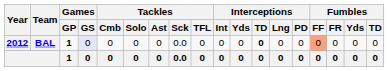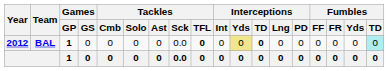 <table class="wikitable" style="text-align:center">
 <tr>
 <th rowspan="2">Year</th>
 <th rowspan="2">Team</th>
 <th colspan="2">Games</th>
 <th colspan="5">Tackles</th>
 <th colspan="5">Interceptions</th>
 <th colspan="4">Fumbles</th>
 </tr>
 <tr>
 <th>GP</th>
 <th>GS</th>
 <th>Cmb</th>
 <th>Solo</th>
 <th>Ast</th>
 <th>Sck</th>
 <th>TFL</th>
 <th>Int</th>
 <th>Yds</th>
 <th>TD</th>
 <th>Lng</th>
 <th>PD</th>
 <th>FF</th>
 <th>FR</th>
 <th>Yds</th>
 <th>TD</th>
 </tr>
 <tr>
 <th><a href='#'>2012</a></th>
 <th><a href='#'>BAL</a></th>
 <td><strong>1</strong></td>
-<td style="background: lavender;">0</td>
+<td>0</td>
 <td>0</td>
 <td>0</td>
 <td>0</td>
 <td>0.0</td>
+<td><strong>0</strong></td>
+<td>0</td>
+<td style="background: khaki;">0</td>
+<td><strong>0</strong></td>
 <td>0</td>
 <td>0</td>
 <td>0</td>
-<td><strong>0</strong></td>
 <td>0</td>
 <td>0</td>
-<td style="background: lightsalmon;">0</td>
-<td>0</td>
-<td>0</td>
-<td>0</td>
+<td style="background: paleturquoise;">0</td>
 </tr>
 <tr>
 <th colspan="2"></th>
 <th>1</th>
 <th>0</th>
 <th>0</th>
 <th>0</th>
 <th>0</th>
 <th>0.0</th>
 <th>0</th>
 <th>0</th>
 <th>0</th>
 <th>0</th>
 <th>0</th>
 <th>0</th>
 <th>0</th>
 <th>0</th>
 <th>0</th>
 <th>0</th>
 </tr>
 </table>
